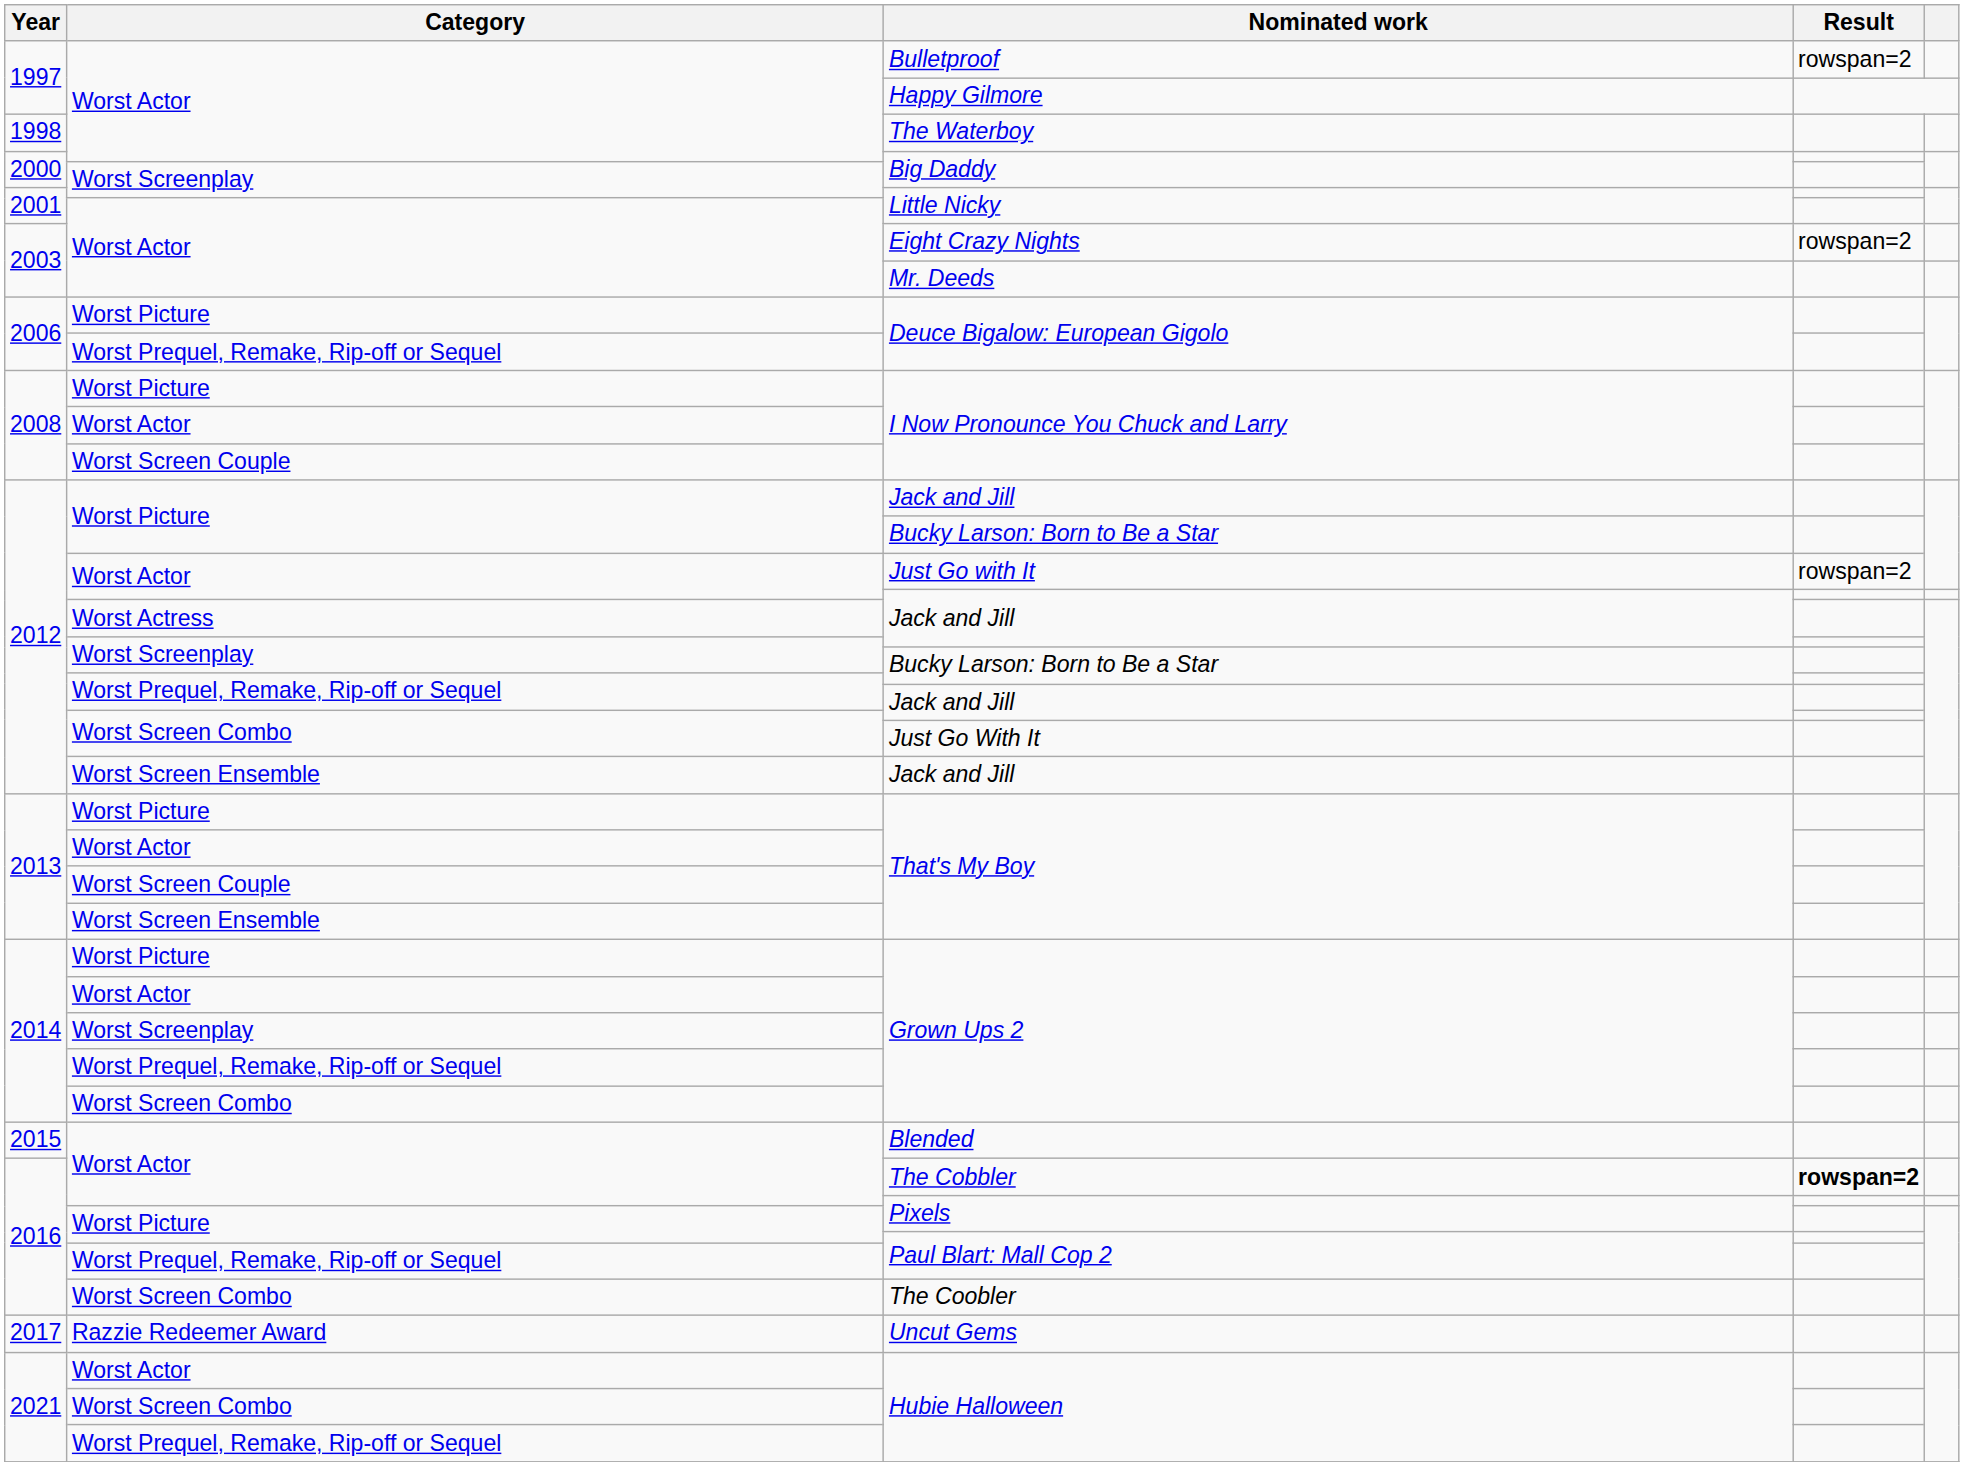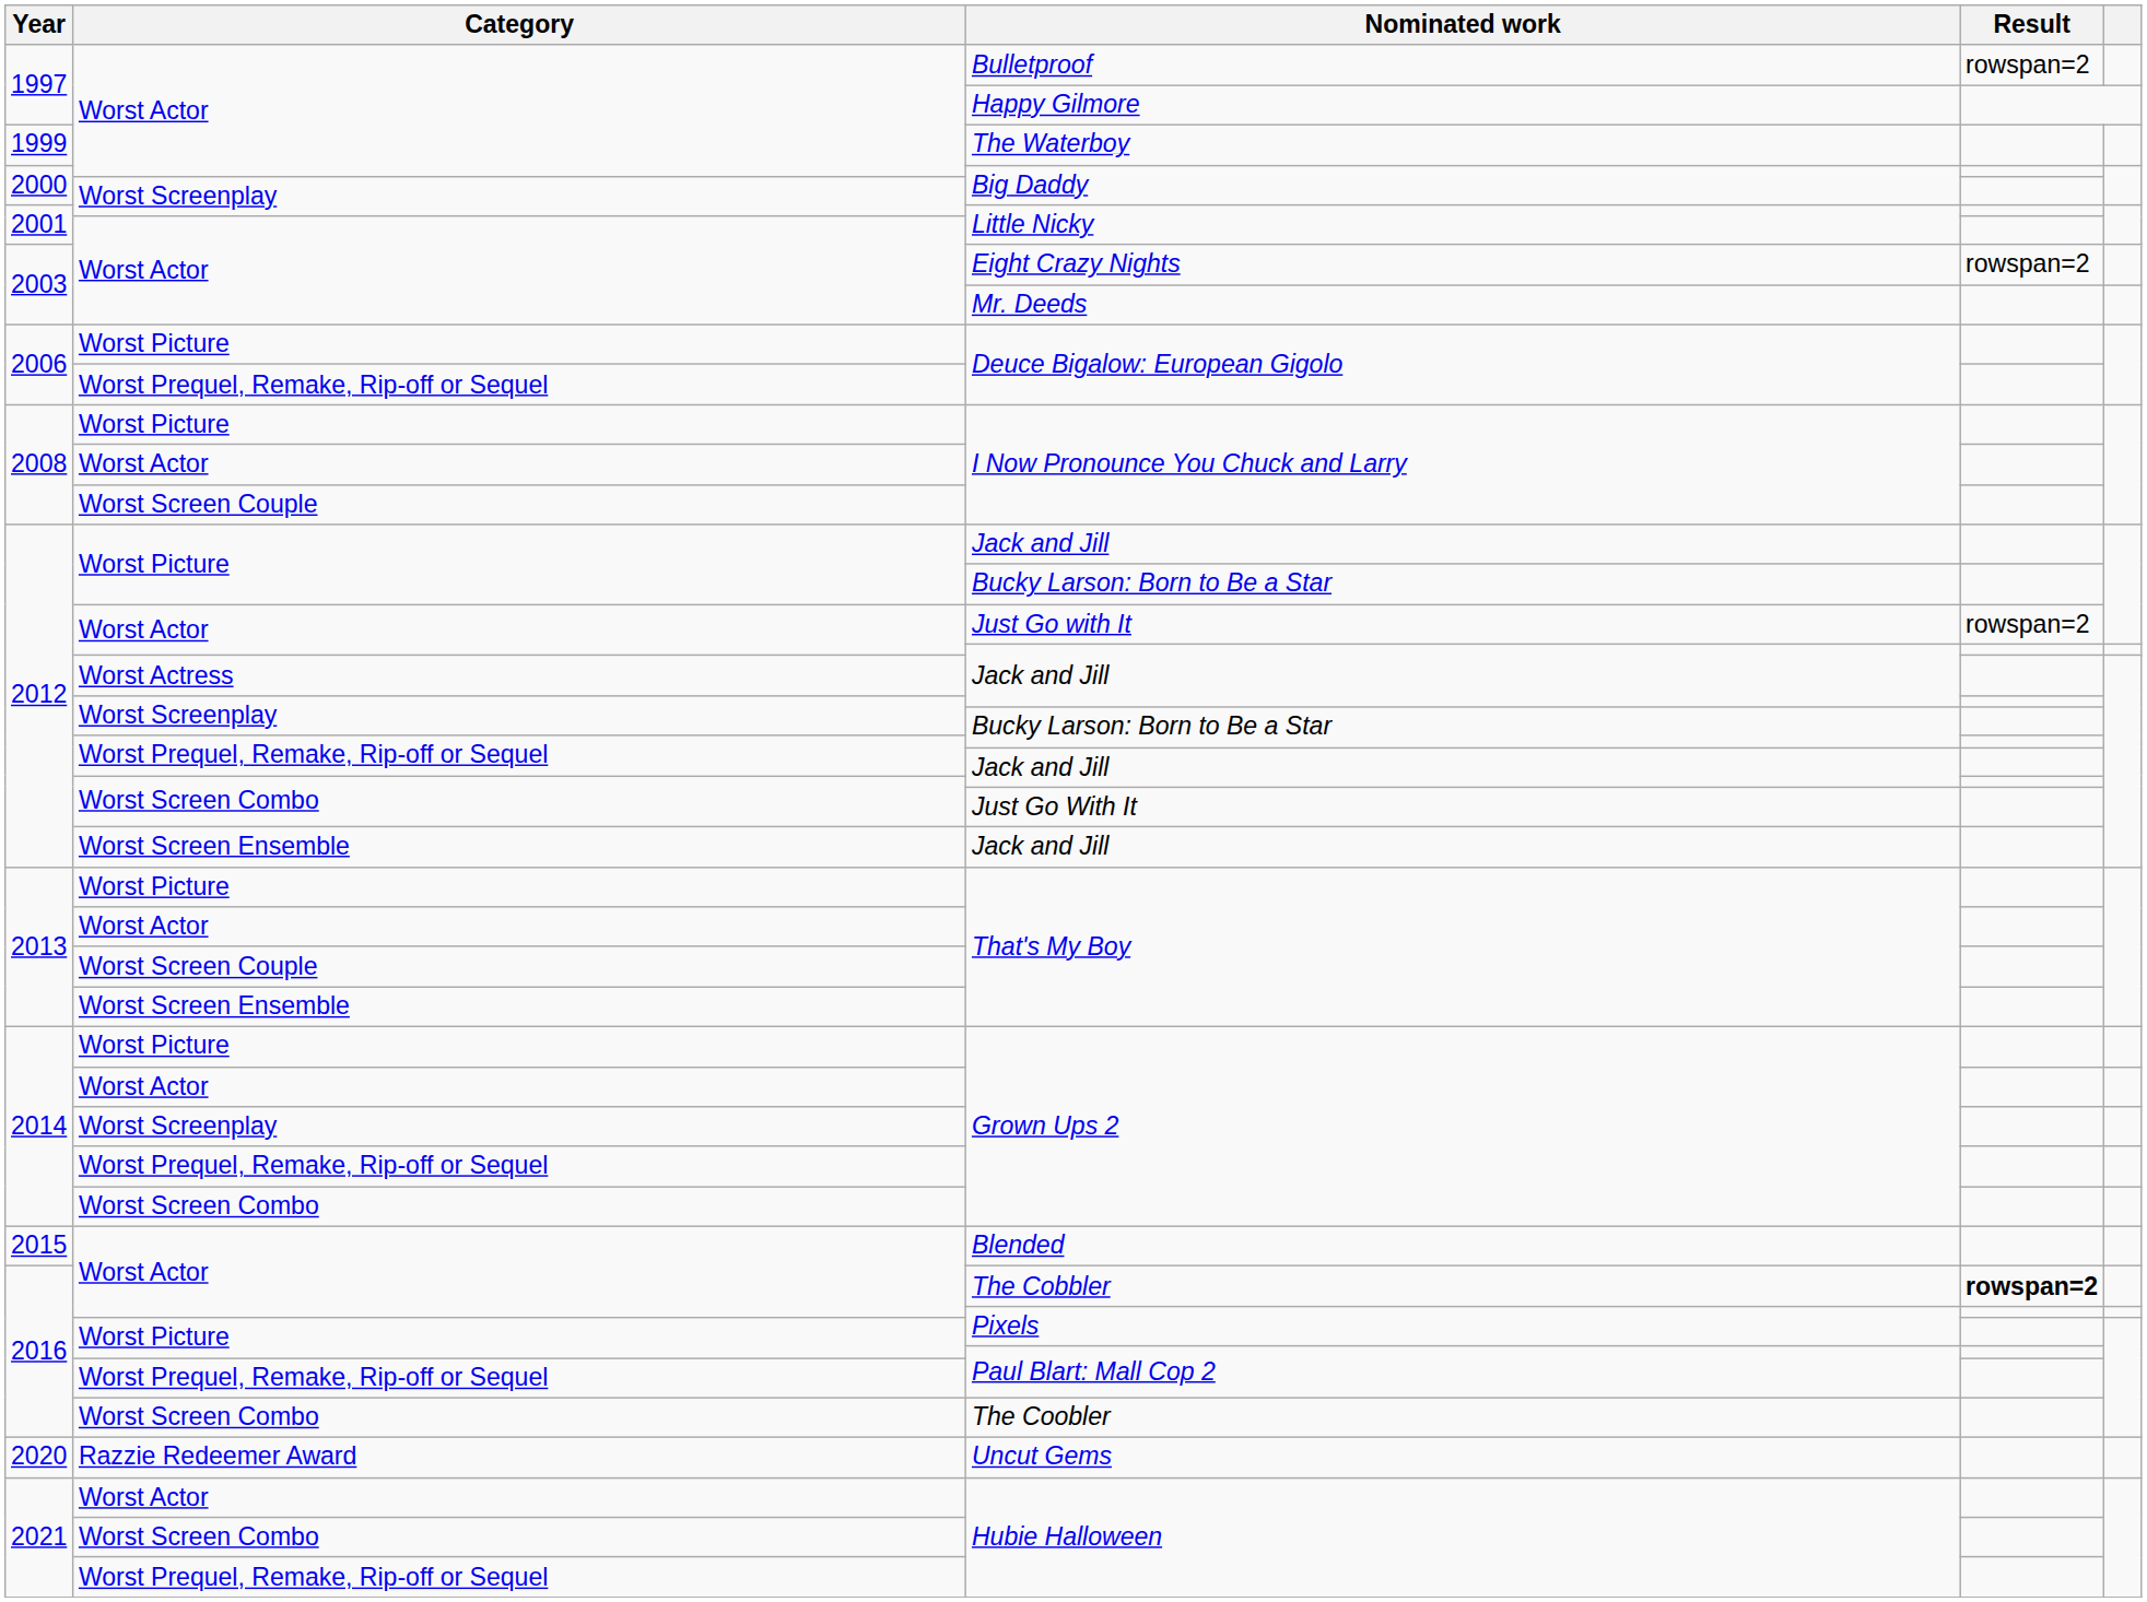 <table class="wikitable sortable">
 <tr>
 <th scope="col" style="width:1em;">Year</th>
 <th scope="col" style="width:35em;">Category</th>
 <th scope="col" style="width:39em;">Nominated work</th>
 <th scope="col" style="width:5em;">Result</th>
 <th scope="col" style="width:1em;"class="unsortable"></th>
 </tr>
 <tr>
 <td rowspan=2><a href='#'>1997</a></td>
 <td rowspan=4><a href='#'>Worst Actor</a></td>
 <td><em><a href='#'>Bulletproof</a></em></td>
 <td>rowspan=2 </td>
 <td></td>
 </tr>
 <tr>
 <td><em><a href='#'>Happy Gilmore</a></em></td>
 </tr>
 <tr>
-<td><a href='#'>1998</a></td>
+<td><a href='#'>1999</a></td>
 <td><em><a href='#'>The Waterboy</a></em></td>
 <td></td>
 <td></td>
 </tr>
 <tr>
 <td rowspan="2"><a href='#'>2000</a></td>
 <td rowspan="2"><em><a href='#'>Big Daddy</a></em></td>
 <td></td>
 <td rowspan="2"></td>
 </tr>
 <tr>
 <td rowspan=2><a href='#'>Worst Screenplay</a></td>
 <td></td>
 </tr>
 <tr>
 <td rowspan="2"><a href='#'>2001</a></td>
 <td rowspan="2"><em><a href='#'>Little Nicky</a></em></td>
 <td></td>
 <td rowspan="2"></td>
 </tr>
 <tr>
 <td rowspan=3><a href='#'>Worst Actor</a></td>
 <td></td>
 </tr>
 <tr>
 <td rowspan="2"><a href='#'>2003</a></td>
 <td><em><a href='#'>Eight Crazy Nights</a></em></td>
 <td>rowspan=2 </td>
 <td></td>
 </tr>
 <tr>
 <td><em><a href='#'>Mr. Deeds</a></em></td>
 <td></td>
 </tr>
 <tr>
 <td rowspan=2><a href='#'>2006</a></td>
 <td><a href='#'>Worst Picture</a></td>
 <td rowspan=2><em><a href='#'>Deuce Bigalow: European Gigolo</a></em></td>
 <td></td>
 <td rowspan=2></td>
 </tr>
 <tr>
 <td><a href='#'>Worst Prequel, Remake, Rip-off or Sequel</a></td>
 <td></td>
 </tr>
 <tr>
 <td rowspan="3"><a href='#'>2008</a></td>
 <td><a href='#'>Worst Picture</a></td>
 <td rowspan="3"><em><a href='#'>I Now Pronounce You Chuck and Larry</a></em></td>
 <td></td>
 <td rowspan="3"></td>
 </tr>
 <tr>
 <td><a href='#'>Worst Actor</a></td>
 <td></td>
 </tr>
 <tr>
 <td><a href='#'>Worst Screen Couple</a></td>
 <td></td>
 </tr>
 <tr>
 <td rowspan="12"><a href='#'>2012</a></td>
 <td rowspan=2><a href='#'>Worst Picture</a></td>
 <td><em><a href='#'>Jack and Jill</a></em></td>
 <td></td>
 <td rowspan="3"><br><br></td>
 </tr>
 <tr>
 <td><em><a href='#'>Bucky Larson: Born to Be a Star</a></em></td>
 <td></td>
 </tr>
 <tr>
 <td rowspan=2><a href='#'>Worst Actor</a></td>
 <td><em><a href='#'>Just Go with It</a></em></td>
 <td>rowspan=2 </td>
 </tr>
 <tr>
 <td rowspan=3><em>Jack and Jill</em></td>
 <td></td>
 </tr>
 <tr>
 <td><a href='#'>Worst Actress</a></td>
 <td></td>
 <td rowspan="8"><br><br></td>
 </tr>
 <tr>
 <td rowspan=2><a href='#'>Worst Screenplay</a></td>
 <td></td>
 </tr>
 <tr>
 <td rowspan=2><em>Bucky Larson: Born to Be a Star</em></td>
 <td></td>
 </tr>
 <tr>
 <td rowspan=2><a href='#'>Worst Prequel, Remake, Rip-off or Sequel</a></td>
 <td></td>
 </tr>
 <tr>
 <td rowspan=2><em>Jack and Jill</em></td>
 <td></td>
 </tr>
 <tr>
 <td rowspan=2><a href='#'>Worst Screen Combo</a></td>
 <td></td>
 </tr>
 <tr>
 <td><em>Just Go With It</em></td>
 <td></td>
 </tr>
 <tr>
 <td><a href='#'>Worst Screen Ensemble</a></td>
 <td><em>Jack and Jill</em></td>
 <td></td>
 </tr>
 <tr>
 <td rowspan="4"><a href='#'>2013</a></td>
 <td><a href='#'>Worst Picture</a></td>
 <td rowspan="4"><em><a href='#'>That's My Boy</a></em></td>
 <td></td>
 <td rowspan="4"></td>
 </tr>
 <tr>
 <td><a href='#'>Worst Actor</a></td>
 <td></td>
 </tr>
 <tr>
 <td><a href='#'>Worst Screen Couple</a></td>
 <td></td>
 </tr>
 <tr>
 <td><a href='#'>Worst Screen Ensemble</a></td>
 <td></td>
 </tr>
 <tr>
 <td rowspan="5"><a href='#'>2014</a></td>
 <td><a href='#'>Worst Picture</a></td>
 <td rowspan="5"><em><a href='#'>Grown Ups 2</a></em></td>
 <td></td>
 <td></td>
 </tr>
 <tr>
 <td><a href='#'>Worst Actor</a></td>
 <td></td>
 <td></td>
 </tr>
 <tr>
 <td><a href='#'>Worst Screenplay</a></td>
 <td></td>
 <td></td>
 </tr>
 <tr>
 <td><a href='#'>Worst Prequel, Remake, Rip-off or Sequel</a></td>
 <td></td>
 <td></td>
 </tr>
 <tr>
 <td><a href='#'>Worst Screen Combo</a></td>
 <td></td>
 <td></td>
 </tr>
 <tr>
 <td><a href='#'>2015</a></td>
 <td rowspan="3"><a href='#'>Worst Actor</a></td>
 <td><em><a href='#'>Blended</a></em></td>
 <td></td>
 <td></td>
 </tr>
 <tr>
 <td rowspan="6"><a href='#'>2016</a></td>
 <td><em><a href='#'>The Cobbler</a></em></td>
 <td><strong>rowspan=2 </strong></td>
 <td></td>
 </tr>
 <tr>
 <td rowspan=2><em><a href='#'>Pixels</a></em></td>
 <td></td>
 </tr>
 <tr>
 <td rowspan=2><a href='#'>Worst Picture</a></td>
 <td></td>
 <td rowspan=4><br><br></td>
 </tr>
 <tr>
 <td rowspan=2><em><a href='#'>Paul Blart: Mall Cop 2</a></em></td>
 <td></td>
 </tr>
 <tr>
 <td><a href='#'>Worst Prequel, Remake, Rip-off or Sequel</a></td>
 <td></td>
 </tr>
 <tr>
 <td><a href='#'>Worst Screen Combo</a></td>
 <td><em>The Coobler</em></td>
 <td></td>
 </tr>
 <tr>
-<td><a href='#'>2017</a></td>
+<td><a href='#'>2020</a></td>
 <td><a href='#'>Razzie Redeemer Award</a></td>
 <td><em><a href='#'>Uncut Gems</a></em></td>
 <td></td>
 <td></td>
 </tr>
 <tr>
 <td rowspan="3"><a href='#'>2021</a></td>
 <td><a href='#'>Worst Actor</a></td>
 <td rowspan="3"><em><a href='#'>Hubie Halloween</a></em></td>
 <td></td>
 <td rowspan="3"></td>
 </tr>
 <tr>
 <td><a href='#'>Worst Screen Combo</a></td>
 <td></td>
 </tr>
 <tr>
 <td><a href='#'>Worst Prequel, Remake, Rip-off or Sequel</a></td>
 <td></td>
 </tr>
 <tr>
 </tr>
 </table>
